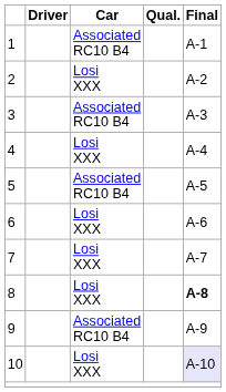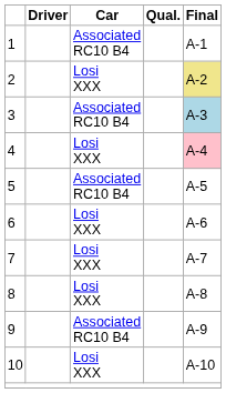 <table border="2" cellpadding="2" cellspacing="0" style="margin:0 1em 0 0; border:1px #aaa solid; border-collapse:collapse; font-size:85%;">
 <tr>
 <th style="text-align:center;"></th>
 <th style="text-align:center;">Driver</th>
 <th style="text-align:center;">Car</th>
 <th style="text-align:center;">Qual.</th>
 <th style="text-align:center;">Final</th>
 </tr>
 <tr>
 <td>1</td>
 <td></td>
 <td><a href='#'>Associated</a><br> RC10 B4</td>
 <td></td>
 <td>A-1</td>
 </tr>
 <tr>
 <td>2</td>
 <td></td>
 <td><a href='#'>Losi</a><br> XXX</td>
 <td></td>
-<td>A-2</td>
+<td style="background: khaki;">A-2</td>
 </tr>
 <tr>
 <td>3</td>
 <td></td>
 <td><a href='#'>Associated</a><br> RC10 B4</td>
 <td></td>
-<td>A-3</td>
+<td style="background: lightblue;">A-3</td>
 </tr>
 <tr>
 <td>4</td>
 <td></td>
 <td><a href='#'>Losi</a><br> XXX</td>
 <td></td>
-<td>A-4</td>
+<td style="background: pink;">A-4</td>
 </tr>
 <tr>
 <td>5</td>
 <td></td>
 <td><a href='#'>Associated</a><br> RC10 B4</td>
 <td></td>
 <td>A-5</td>
 </tr>
 <tr>
 <td>6</td>
 <td></td>
 <td><a href='#'>Losi</a><br> XXX</td>
 <td></td>
 <td>A-6</td>
 </tr>
 <tr>
 <td>7</td>
 <td></td>
 <td><a href='#'>Losi</a><br> XXX</td>
 <td></td>
 <td>A-7</td>
 </tr>
 <tr>
 <td>8</td>
 <td></td>
 <td><a href='#'>Losi</a><br> XXX</td>
 <td></td>
-<td><strong>A-8</strong></td>
+<td>A-8</td>
 </tr>
 <tr>
 <td>9</td>
 <td></td>
 <td><a href='#'>Associated</a><br> RC10 B4</td>
 <td></td>
 <td>A-9</td>
 </tr>
 <tr>
 <td>10</td>
 <td></td>
 <td><a href='#'>Losi</a><br> XXX</td>
 <td></td>
-<td style="background: lavender;">A-10</td>
+<td>A-10</td>
 </tr>
 <tr>
 <td colspan="5"></td>
 </tr>
 <tr>
 </tr>
 </table>
